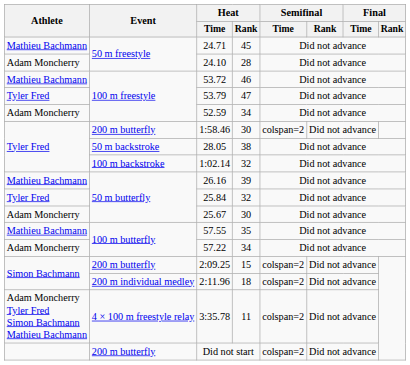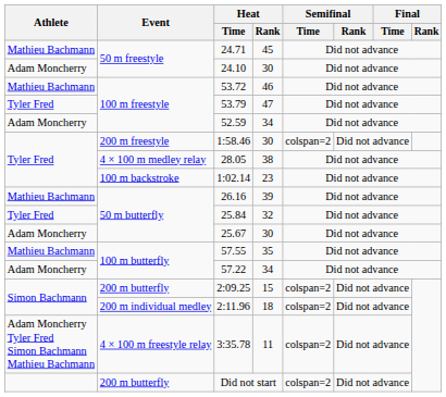 <table class=wikitable style=font-size:90%>
 <tr>
 <th rowspan=2>Athlete</th>
 <th rowspan=2>Event</th>
 <th colspan=2>Heat</th>
 <th colspan=2>Semifinal</th>
 <th colspan=2>Final</th>
 </tr>
 <tr style=font-size:95%>
 <th>Time</th>
 <th>Rank</th>
 <th>Time</th>
 <th>Rank</th>
 <th>Time</th>
 <th>Rank</th>
 </tr>
 <tr align=center>
 <td align=left><a href='#'>Mathieu Bachmann</a></td>
 <td align=left rowspan="2"><a href='#'>50 m freestyle</a></td>
 <td>24.71</td>
 <td>45</td>
 <td colspan=4>Did not advance</td>
 </tr>
 <tr align=center>
 <td align=left>Adam Moncherry</td>
 <td>24.10</td>
-<td>28</td>
+<td>30</td>
 <td colspan=4>Did not advance</td>
 </tr>
 <tr align=center>
 <td align=left><a href='#'>Mathieu Bachmann</a></td>
 <td align=left rowspan="3"><a href='#'>100 m freestyle</a></td>
 <td>53.72</td>
 <td>46</td>
 <td colspan=4>Did not advance</td>
 </tr>
 <tr align=center>
 <td align=left><a href='#'>Tyler Fred</a></td>
 <td>53.79</td>
 <td>47</td>
 <td colspan=4>Did not advance</td>
 </tr>
 <tr align=center>
 <td align=left>Adam Moncherry</td>
 <td>52.59</td>
 <td>34</td>
 <td colspan=4>Did not advance</td>
 </tr>
 <tr align=center>
 <td align=left rowspan=3><a href='#'>Tyler Fred</a></td>
-<td align=left><a href='#'>200 m butterfly</a></td>
+<td align=left rowspan="1"><a href='#'>200 m freestyle</a></td>
 <td>1:58.46</td>
 <td>30</td>
 <td>colspan=2 </td>
 <td colspan=2>Did not advance</td>
 </tr>
 <tr align=center>
-<td style="text-align:left;"><a href='#'>50 m backstroke</a></td>
+<td align=left><a href='#'>4 × 100 m medley relay</a></td>
 <td>28.05</td>
 <td>38</td>
 <td colspan=4>Did not advance</td>
 </tr>
 <tr align=center>
 <td style="text-align:left;"><a href='#'>100 m backstroke</a></td>
 <td>1:02.14</td>
-<td>32</td>
+<td>23</td>
 <td colspan=4>Did not advance</td>
 </tr>
 <tr align=center>
 <td align=left><a href='#'>Mathieu Bachmann</a></td>
 <td align=left rowspan="3"><a href='#'>50 m butterfly</a></td>
 <td>26.16</td>
 <td>39</td>
 <td colspan=4>Did not advance</td>
 </tr>
 <tr align=center>
 <td align=left><a href='#'>Tyler Fred</a></td>
 <td>25.84</td>
 <td>32</td>
 <td colspan=4>Did not advance</td>
 </tr>
 <tr align=center>
 <td align=left>Adam Moncherry</td>
 <td>25.67</td>
 <td>30</td>
 <td colspan=4>Did not advance</td>
 </tr>
 <tr align=center>
 <td align=left><a href='#'>Mathieu Bachmann</a></td>
 <td align=left rowspan="2"><a href='#'>100 m butterfly</a></td>
 <td>57.55</td>
 <td>35</td>
 <td colspan=4>Did not advance</td>
 </tr>
 <tr align=center>
 <td align=left>Adam Moncherry</td>
 <td>57.22</td>
 <td>34</td>
 <td colspan=4>Did not advance</td>
 </tr>
 <tr align=center>
 <td align=left rowspan=2><a href='#'>Simon Bachmann</a></td>
 <td align=left><a href='#'>200 m butterfly</a></td>
 <td>2:09.25</td>
 <td>15</td>
 <td>colspan=2 </td>
 <td colspan=2>Did not advance</td>
 </tr>
 <tr align=center>
 <td align=left rowspan="1"><a href='#'>200 m individual medley</a></td>
 <td>2:11.96</td>
 <td>18</td>
 <td>colspan=2 </td>
 <td colspan=2>Did not advance</td>
 </tr>
 <tr align=center>
 <td align=left>Adam Moncherry<br><a href='#'>Tyler Fred</a><br><a href='#'>Simon Bachmann</a><br><a href='#'>Mathieu Bachmann</a></td>
 <td align=left><a href='#'>4 × 100 m freestyle relay</a></td>
 <td>3:35.78</td>
 <td>11</td>
 <td>colspan=2 </td>
 <td colspan=2>Did not advance</td>
 </tr>
 <tr align=center>
 <td align=left></td>
 <td align=left><a href='#'>200 m butterfly</a></td>
 <td colspan=2>Did not start</td>
 <td>colspan=2 </td>
 <td colspan=2>Did not advance</td>
 </tr>
 </table>
